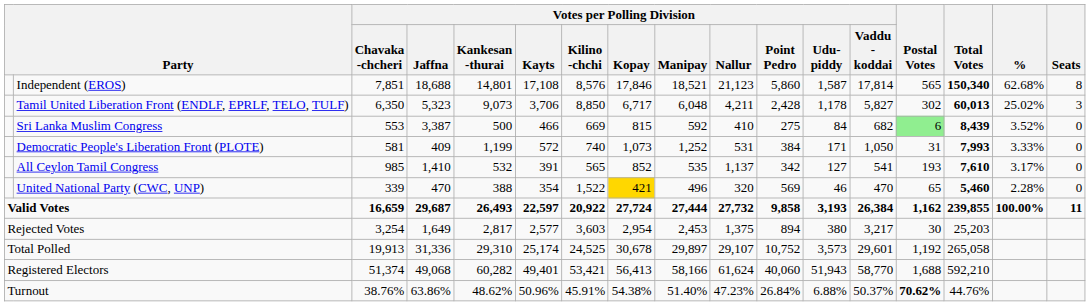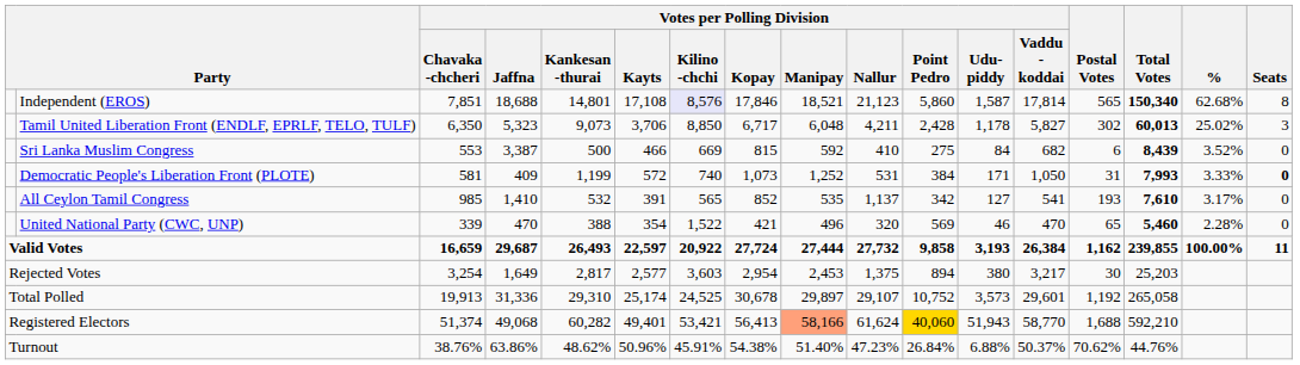 <table class="wikitable" border="1" style="text-align:right;">
 <tr>
 <th align=left valign=bottom rowspan=2 colspan=2>Party</th>
 <th colspan=11>Votes per Polling Division</th>
 <th align=center valign=bottom rowspan=2 width="50">Postal<br>Votes</th>
 <th align=center valign=bottom rowspan=2 width="50">Total Votes</th>
 <th align=center valign=bottom rowspan=2 width="50">%</th>
 <th align=center valign=bottom rowspan=2 width="40">Seats</th>
 </tr>
 <tr>
 <th align=center valign=bottom width="50">Chavaka<br>-chcheri</th>
 <th align=center valign=bottom width="50">Jaffna</th>
 <th align=center valign=bottom width="50">Kankesan<br>-thurai</th>
 <th align=center valign=bottom width="50">Kayts</th>
 <th align=center valign=bottom width="50">Kilino<br>-chchi</th>
 <th align=center valign=bottom width="50">Kopay</th>
 <th align=center valign=bottom width="50">Manipay</th>
 <th align=center valign=bottom width="50">Nallur</th>
 <th align=center valign=bottom width="50">Point<br>Pedro</th>
 <th align=center valign=bottom width="50">Udu-<br>piddy</th>
 <th align=center valign=bottom width="50">Vaddu<br>-koddai</th>
 </tr>
 <tr>
 <td bgcolor=> </td>
 <td align=left>Independent (<a href='#'>EROS</a>)</td>
 <td>7,851</td>
 <td>18,688</td>
 <td>14,801</td>
 <td>17,108</td>
-<td>8,576</td>
+<td style="background: lavender;">8,576</td>
 <td>17,846</td>
 <td>18,521</td>
 <td>21,123</td>
 <td>5,860</td>
 <td>1,587</td>
 <td>17,814</td>
 <td>565</td>
 <td><strong>150,340</strong></td>
 <td>62.68%</td>
 <td>8</td>
 </tr>
 <tr>
 <td bgcolor=> </td>
 <td align=left><a href='#'>Tamil United Liberation Front</a> (<a href='#'>ENDLF</a>, <a href='#'>EPRLF</a>, <a href='#'>TELO</a>, <a href='#'>TULF</a>)</td>
 <td>6,350</td>
 <td>5,323</td>
 <td>9,073</td>
 <td>3,706</td>
 <td>8,850</td>
 <td>6,717</td>
 <td>6,048</td>
 <td>4,211</td>
 <td>2,428</td>
 <td>1,178</td>
 <td>5,827</td>
 <td>302</td>
 <td><strong>60,013</strong></td>
 <td>25.02%</td>
 <td>3</td>
 </tr>
 <tr>
 <td bgcolor=> </td>
 <td align=left><a href='#'>Sri Lanka Muslim Congress</a></td>
 <td>553</td>
 <td>3,387</td>
 <td>500</td>
 <td>466</td>
 <td>669</td>
 <td>815</td>
 <td>592</td>
 <td>410</td>
 <td>275</td>
 <td>84</td>
 <td>682</td>
-<td style="background: lightgreen;">6</td>
+<td>6</td>
 <td><strong>8,439</strong></td>
 <td>3.52%</td>
 <td>0</td>
 </tr>
 <tr>
 <td bgcolor=> </td>
 <td align=left><a href='#'>Democratic People's Liberation Front</a> (<a href='#'>PLOTE</a>)</td>
 <td>581</td>
 <td>409</td>
 <td>1,199</td>
 <td>572</td>
 <td>740</td>
 <td>1,073</td>
 <td>1,252</td>
 <td>531</td>
 <td>384</td>
 <td>171</td>
 <td>1,050</td>
 <td>31</td>
 <td><strong>7,993</strong></td>
 <td>3.33%</td>
-<td>0</td>
+<td><strong>0</strong></td>
 </tr>
 <tr>
 <td bgcolor=> </td>
 <td align=left><a href='#'>All Ceylon Tamil Congress</a></td>
 <td>985</td>
 <td>1,410</td>
 <td>532</td>
 <td>391</td>
 <td>565</td>
 <td>852</td>
 <td>535</td>
 <td>1,137</td>
 <td>342</td>
 <td>127</td>
 <td>541</td>
 <td>193</td>
 <td><strong>7,610</strong></td>
 <td>3.17%</td>
 <td>0</td>
 </tr>
 <tr>
 <td bgcolor=> </td>
 <td align=left><a href='#'>United National Party</a> (<a href='#'>CWC</a>, <a href='#'>UNP</a>)</td>
 <td>339</td>
 <td>470</td>
 <td>388</td>
 <td>354</td>
 <td>1,522</td>
-<td style="background: gold;">421</td>
+<td>421</td>
 <td>496</td>
 <td>320</td>
 <td>569</td>
 <td>46</td>
 <td>470</td>
 <td>65</td>
 <td><strong>5,460</strong></td>
 <td>2.28%</td>
 <td>0</td>
 </tr>
 <tr>
 <td align=left colspan=2><strong>Valid Votes</strong></td>
 <td><strong>16,659</strong></td>
 <td><strong>29,687</strong></td>
 <td><strong>26,493</strong></td>
 <td><strong>22,597</strong></td>
 <td><strong>20,922</strong></td>
 <td><strong>27,724</strong></td>
 <td><strong>27,444</strong></td>
 <td><strong>27,732</strong></td>
 <td><strong>9,858</strong></td>
 <td><strong>3,193</strong></td>
 <td><strong>26,384</strong></td>
 <td><strong>1,162</strong></td>
 <td><strong>239,855</strong></td>
 <td><strong>100.00%</strong></td>
 <td><strong>11</strong></td>
 </tr>
 <tr>
 <td align=left colspan=2>Rejected Votes</td>
 <td>3,254</td>
 <td>1,649</td>
 <td>2,817</td>
 <td>2,577</td>
 <td>3,603</td>
 <td>2,954</td>
 <td>2,453</td>
 <td>1,375</td>
 <td>894</td>
 <td>380</td>
 <td>3,217</td>
 <td>30</td>
 <td>25,203</td>
 <td></td>
 <td></td>
 </tr>
 <tr>
 <td align=left colspan=2>Total Polled</td>
 <td>19,913</td>
 <td>31,336</td>
 <td>29,310</td>
 <td>25,174</td>
 <td>24,525</td>
 <td>30,678</td>
 <td>29,897</td>
 <td>29,107</td>
 <td>10,752</td>
 <td>3,573</td>
 <td>29,601</td>
 <td>1,192</td>
 <td>265,058</td>
 <td></td>
 <td></td>
 </tr>
 <tr>
 <td align=left colspan=2>Registered Electors</td>
 <td>51,374</td>
 <td>49,068</td>
 <td>60,282</td>
 <td>49,401</td>
 <td>53,421</td>
 <td>56,413</td>
-<td>58,166</td>
+<td style="background: lightsalmon;">58,166</td>
 <td>61,624</td>
-<td>40,060</td>
+<td style="background: gold;">40,060</td>
 <td>51,943</td>
 <td>58,770</td>
 <td>1,688</td>
 <td>592,210</td>
 <td></td>
 <td></td>
 </tr>
 <tr>
 <td align=left colspan=2>Turnout</td>
 <td>38.76%</td>
 <td>63.86%</td>
 <td>48.62%</td>
 <td>50.96%</td>
 <td>45.91%</td>
 <td>54.38%</td>
 <td>51.40%</td>
 <td>47.23%</td>
 <td>26.84%</td>
 <td>6.88%</td>
 <td>50.37%</td>
-<td><strong>70.62%</strong></td>
+<td>70.62%</td>
 <td>44.76%</td>
 <td></td>
 <td></td>
 </tr>
 </table>
